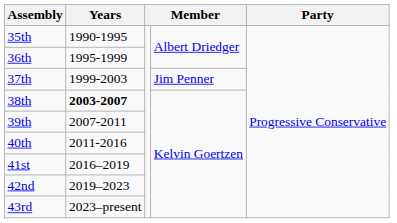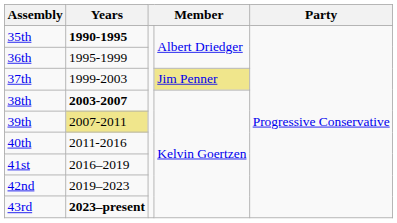 <table class="wikitable">
 <tr>
 <th>Assembly</th>
 <th>Years</th>
 <th colspan="2">Member</th>
 <th>Party<br></th>
 </tr>
 <tr>
 <td><a href='#'>35th</a></td>
-<td>1990-1995</td>
+<td><strong>1990-1995</strong></td>
 <td rowspan=9 ></td>
 <td rowspan=2><a href='#'>Albert Driedger</a></td>
 <td rowspan=9><a href='#'>Progressive Conservative</a></td>
 </tr>
 <tr>
 <td><a href='#'>36th</a></td>
 <td>1995-1999</td>
 </tr>
 <tr>
 <td><a href='#'>37th</a></td>
 <td>1999-2003</td>
-<td><a href='#'>Jim Penner</a></td>
+<td style="background: khaki;"><a href='#'>Jim Penner</a></td>
 </tr>
 <tr>
 <td><a href='#'>38th</a></td>
 <td><strong>2003-2007</strong></td>
 <td rowspan=6><a href='#'>Kelvin Goertzen</a></td>
 </tr>
 <tr>
 <td><a href='#'>39th</a></td>
-<td>2007-2011</td>
+<td style="background: khaki;">2007-2011</td>
 </tr>
 <tr>
 <td><a href='#'>40th</a></td>
 <td>2011-2016</td>
 </tr>
 <tr>
 <td><a href='#'>41st</a></td>
 <td>2016–2019</td>
 </tr>
 <tr>
 <td><a href='#'>42nd</a></td>
 <td>2019–2023</td>
 </tr>
 <tr>
 <td><a href='#'>43rd</a></td>
-<td>2023–present</td>
+<td><strong>2023–present</strong></td>
 </tr>
 </table>
